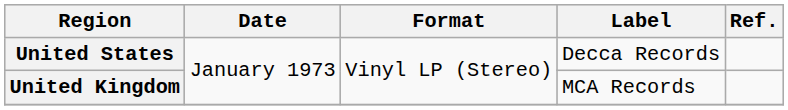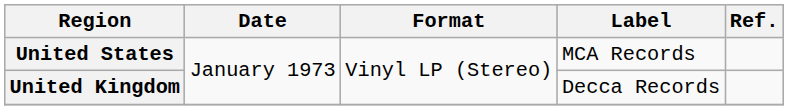 <table class="wikitable plainrowheaders">
 <tr>
 <th scope="col">Region</th>
 <th scope="col">Date</th>
 <th scope="col">Format</th>
 <th scope="col">Label</th>
 <th scope="col">Ref.</th>
 </tr>
 <tr>
 <th scope="row">United States</th>
 <td rowspan="2">January 1973</td>
 <td rowspan="2">Vinyl LP (Stereo)</td>
-<td>Decca Records</td>
+<td>MCA Records</td>
 <td></td>
 </tr>
 <tr>
 <th scope="row">United Kingdom</th>
-<td>MCA Records</td>
+<td>Decca Records</td>
 <td></td>
 </tr>
 <tr>
 </tr>
 </table>
